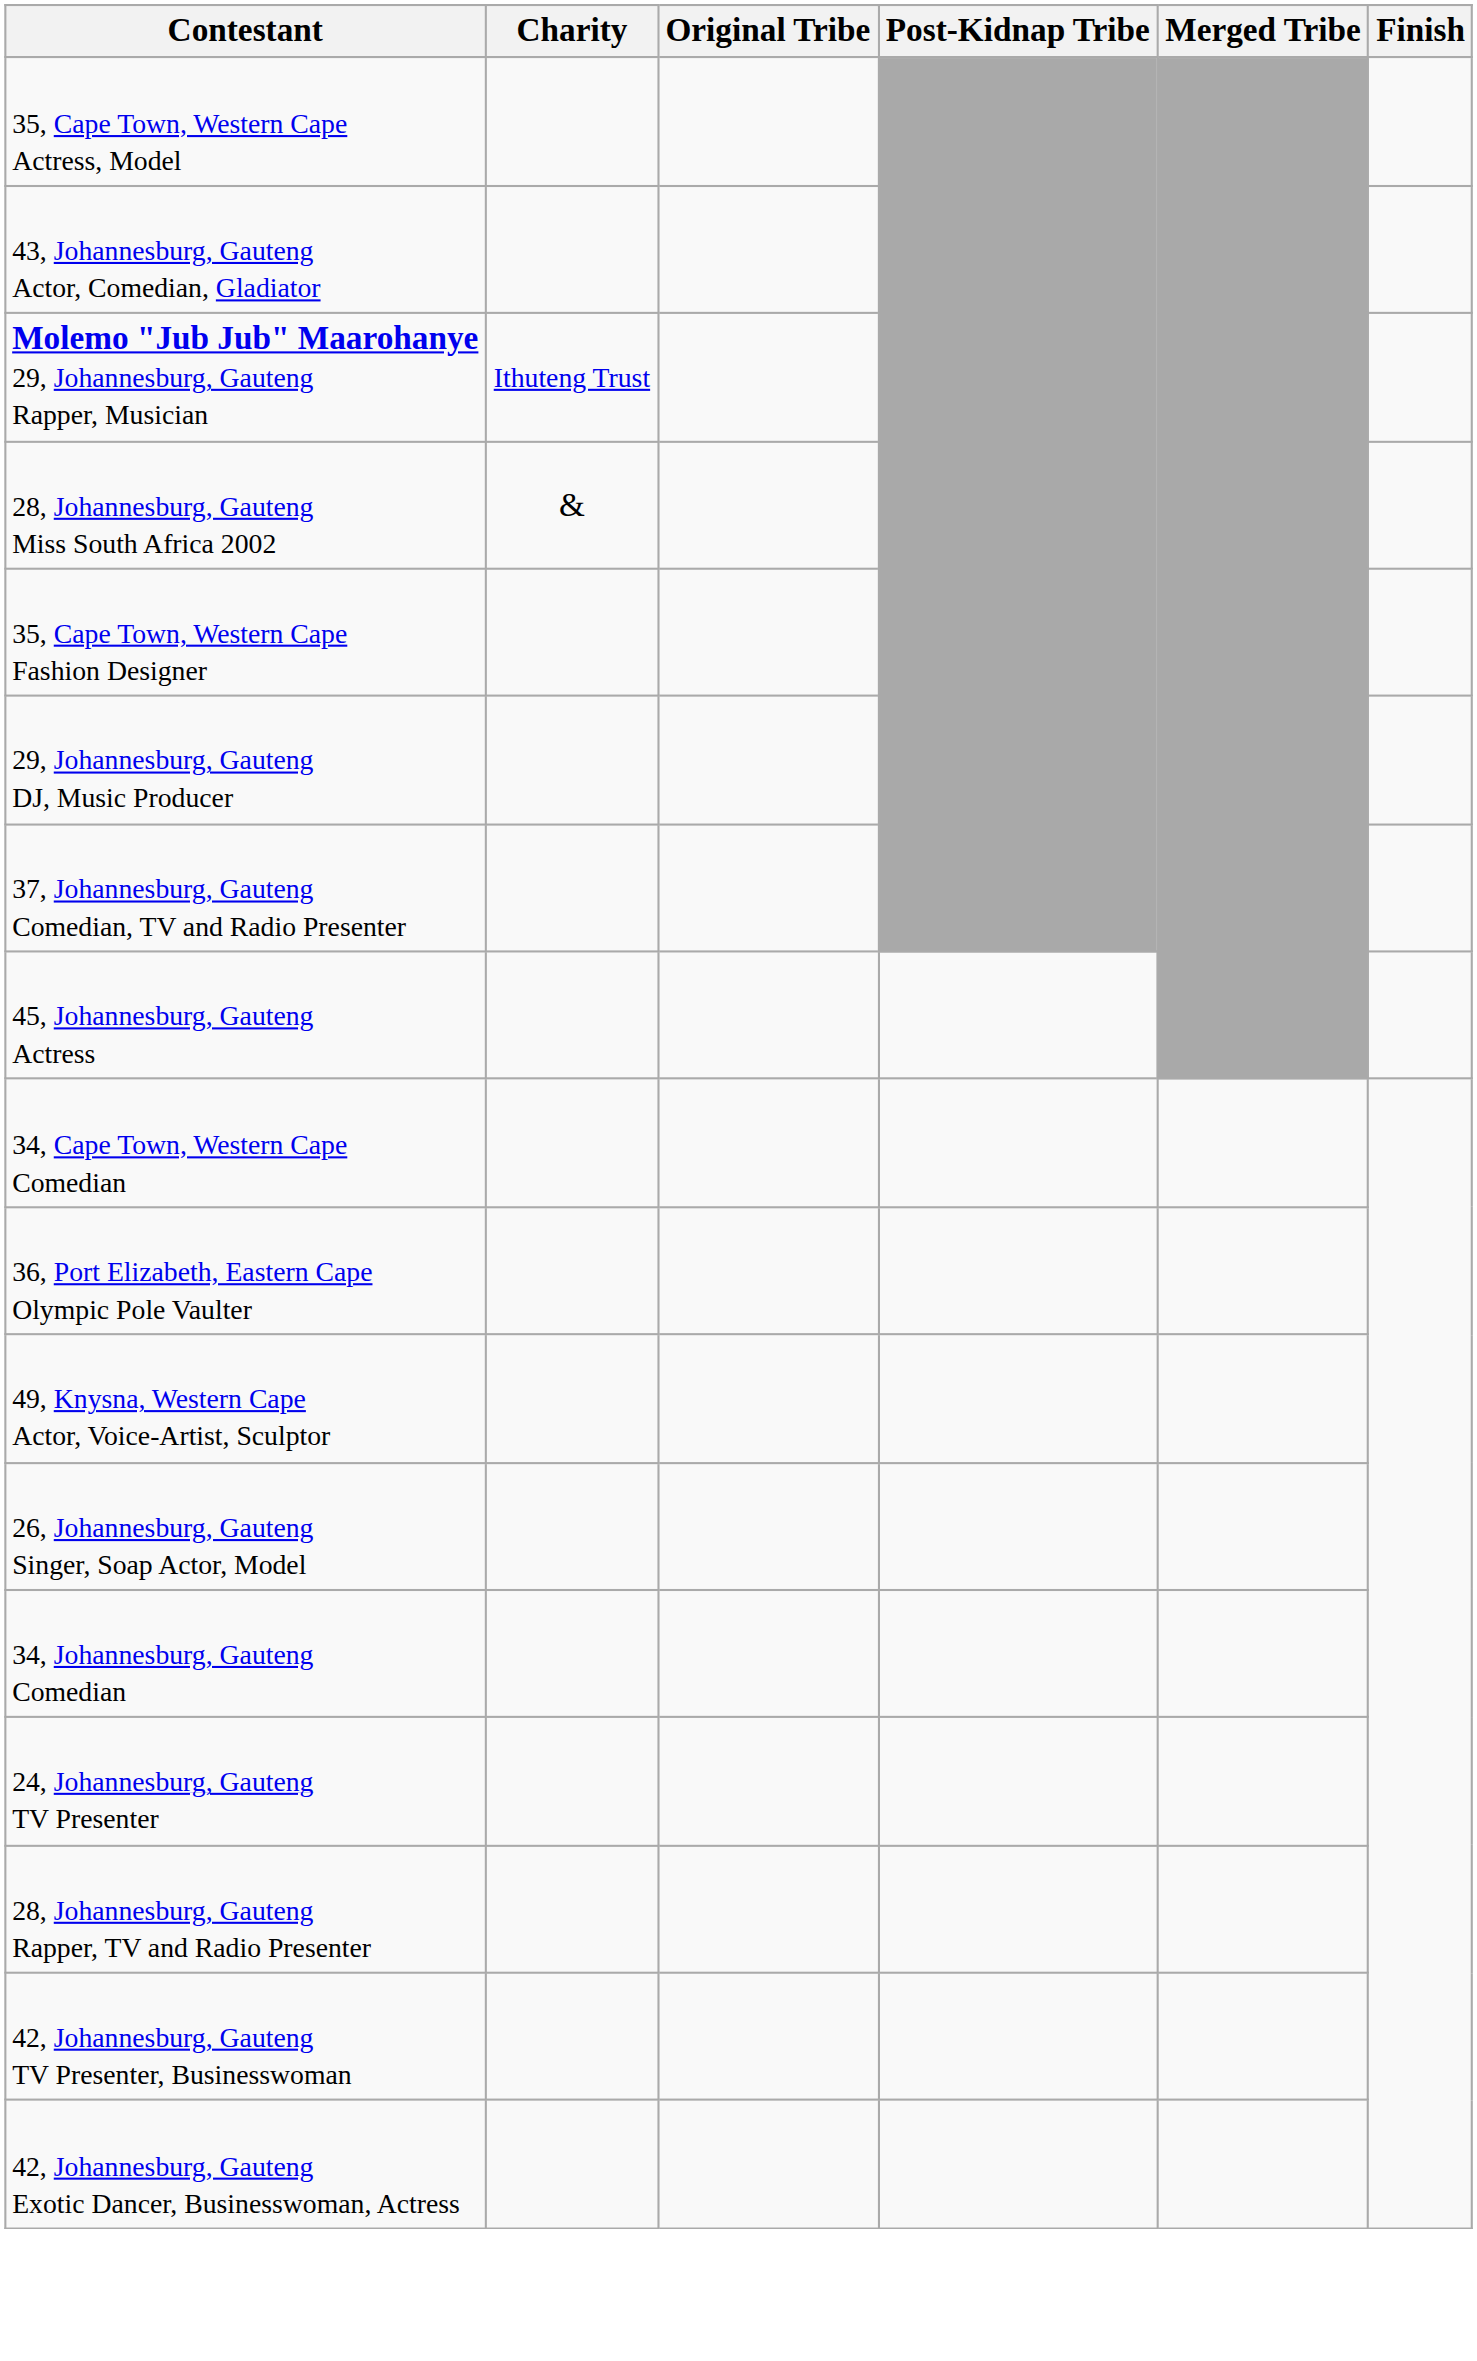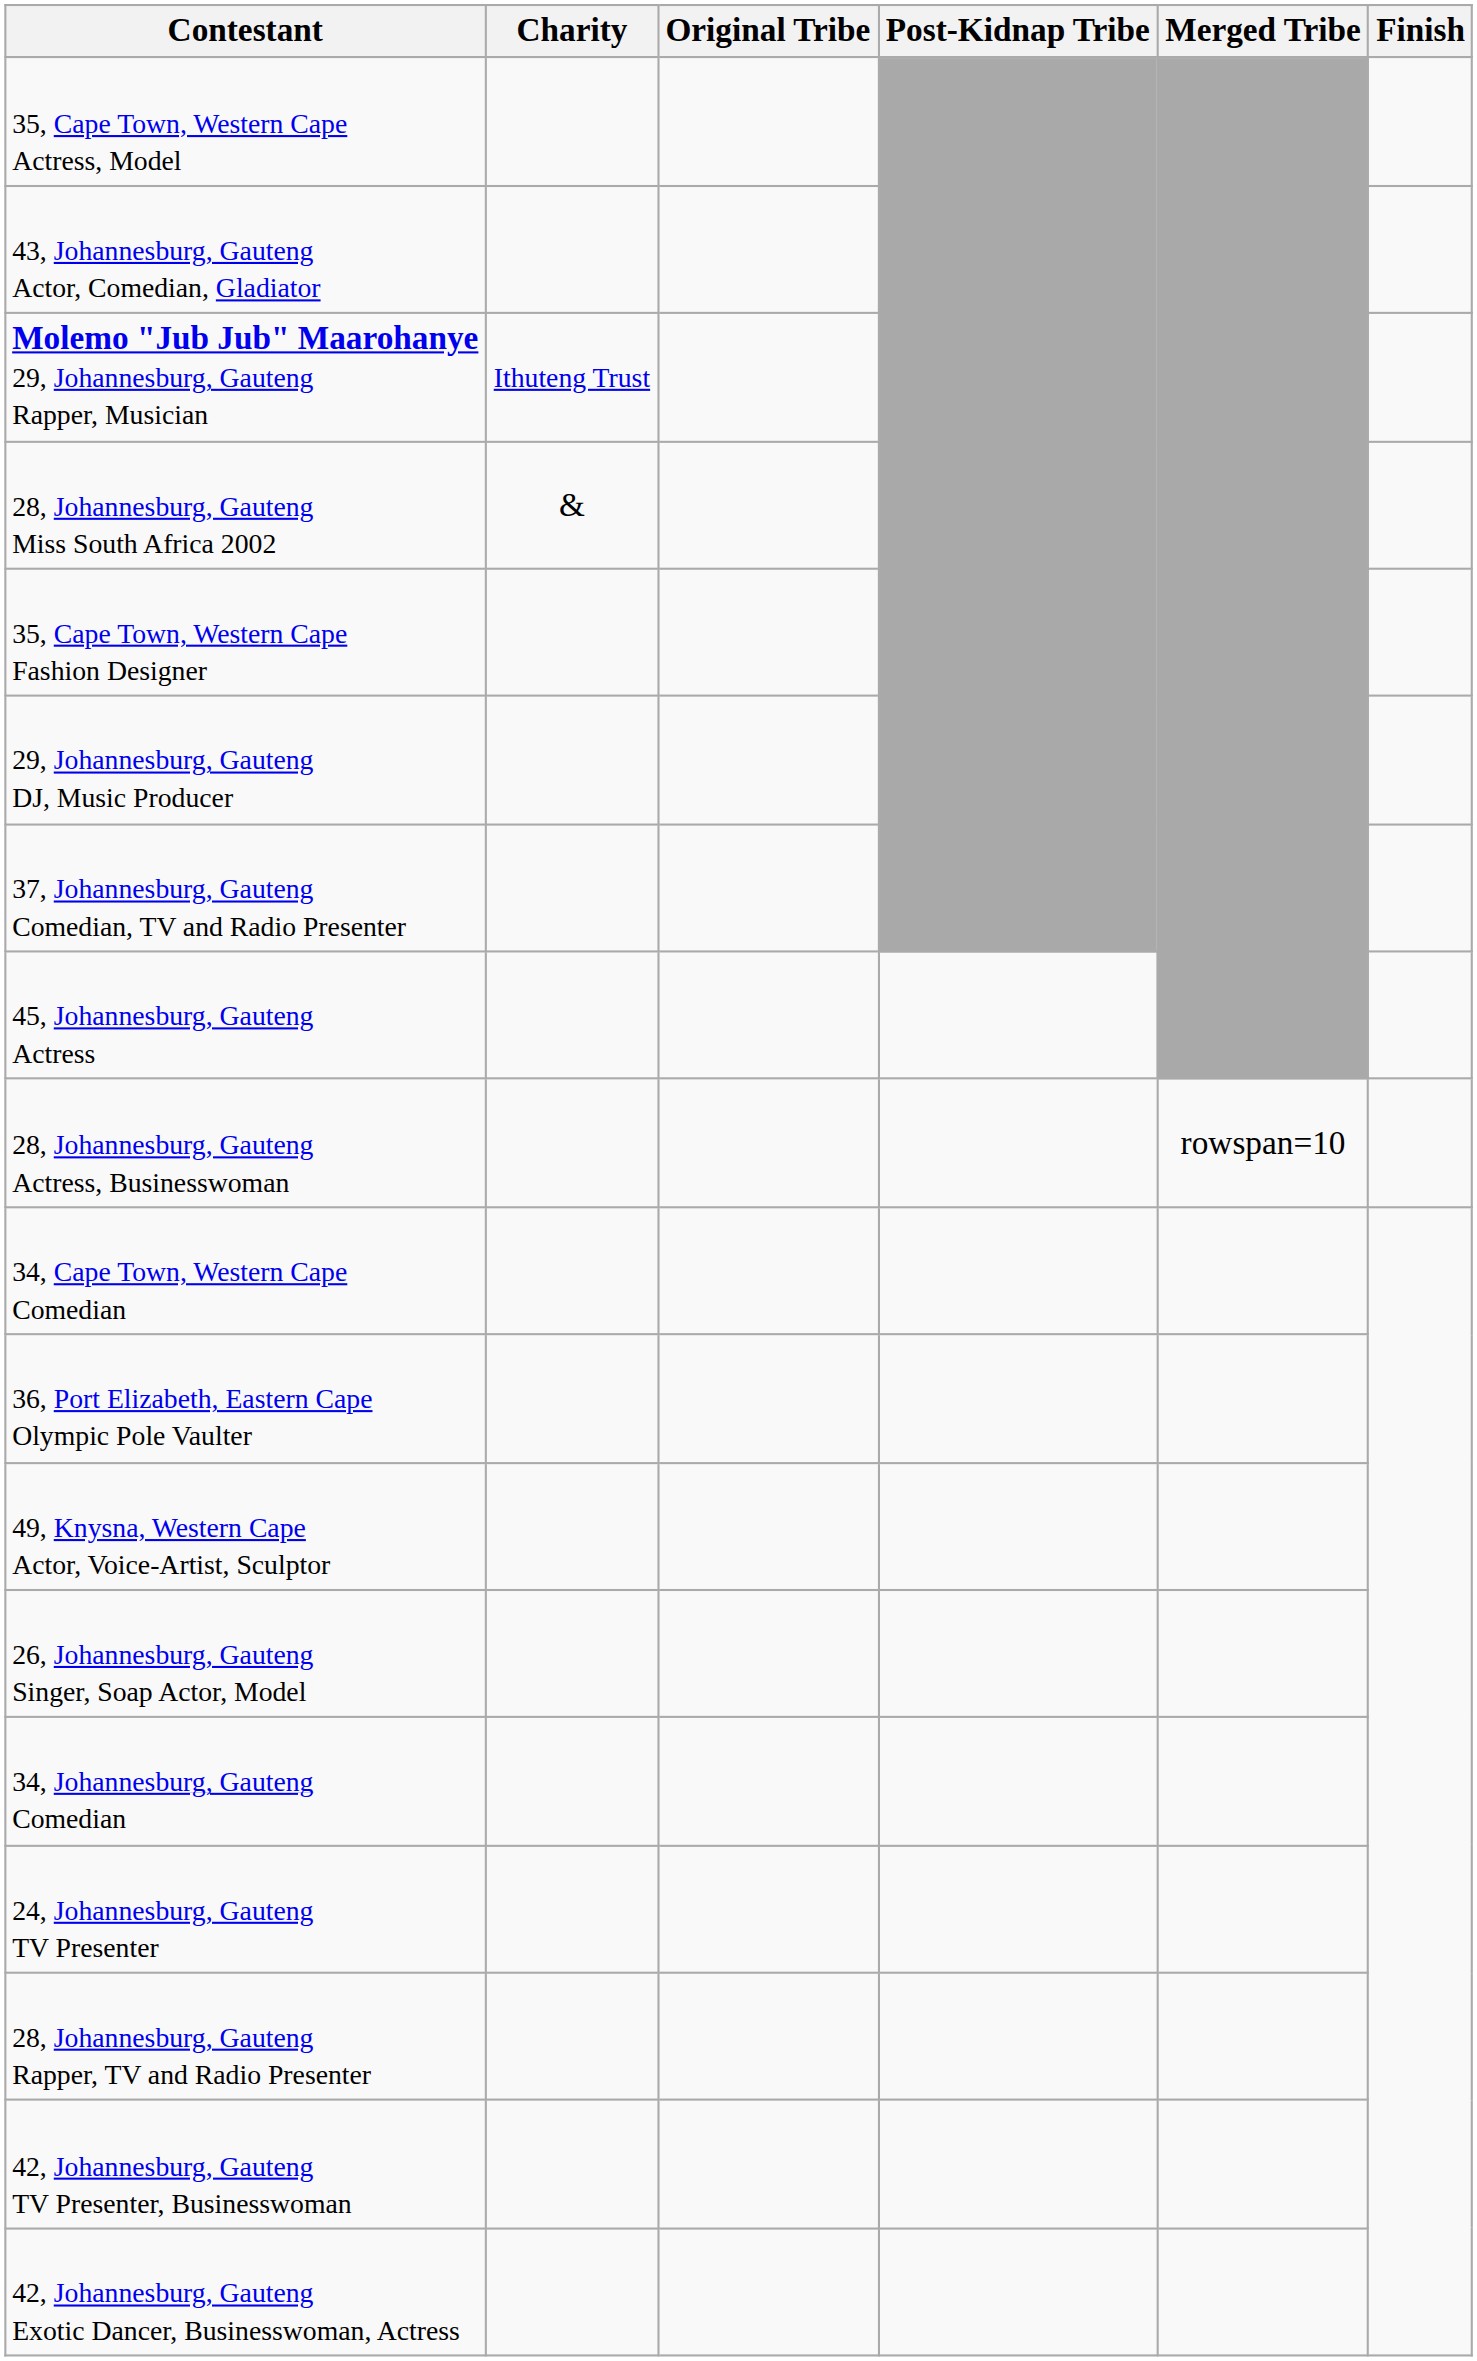 <table class="wikitable sortable" style="margin:auto; text-align:center">
 <tr>
 <th>Contestant</th>
 <th>Charity</th>
 <th>Original Tribe</th>
 <th>Post-Kidnap Tribe</th>
 <th>Merged Tribe</th>
 <th>Finish</th>
 </tr>
 <tr>
 <td align="left"><strong></strong><br><small>35, <a href='#'>Cape Town, Western Cape</a><br>Actress, Model</small></td>
 <td><small></small></td>
 <td></td>
 <td rowspan="7" bgcolor=darkgray></td>
 <td rowspan="8" bgcolor=darkgray></td>
 <td></td>
 </tr>
 <tr>
 <td align="left"><strong></strong><br><small>43, <a href='#'>Johannesburg, Gauteng</a><br>Actor, Comedian, <a href='#'>Gladiator</a></small></td>
 <td><small></small></td>
 <td></td>
 <td></td>
 </tr>
 <tr>
 <td align="left"><strong><a href='#'>Molemo "Jub Jub" Maarohanye</a></strong><br><small>29, <a href='#'>Johannesburg, Gauteng</a><br>Rapper, Musician</small></td>
 <td><small><a href='#'>Ithuteng Trust</a></small></td>
 <td></td>
 <td></td>
 </tr>
 <tr>
 <td align="left"><strong></strong><br><small>28, <a href='#'>Johannesburg, Gauteng</a><br>Miss South Africa 2002</small></td>
 <td><small></small> & <small></small></td>
 <td></td>
 <td></td>
 </tr>
 <tr>
 <td align="left"><strong></strong><br><small>35, <a href='#'>Cape Town, Western Cape</a><br>Fashion Designer</small></td>
 <td><small></small></td>
 <td></td>
 <td></td>
 </tr>
 <tr>
 <td align="left"><strong></strong><br><small>29, <a href='#'>Johannesburg, Gauteng</a><br>DJ, Music Producer</small></td>
 <td><small></small></td>
 <td></td>
 <td></td>
 </tr>
 <tr>
 <td align="left"><strong></strong><br><small>37, <a href='#'>Johannesburg, Gauteng</a><br>Comedian, TV and Radio Presenter</small></td>
 <td><small></small></td>
 <td></td>
 <td></td>
 </tr>
 <tr>
 <td align="left"><strong></strong><br><small>45, <a href='#'>Johannesburg, Gauteng</a><br>Actress</small></td>
 <td><small></small></td>
 <td></td>
 <td></td>
+<td></td>
+</tr>
+<tr>
+<td align="left"><strong></strong><br><small>28, <a href='#'>Johannesburg, Gauteng</a><br>Actress, Businesswoman</small></td>
+<td><small></small></td>
+<td></td>
+<td></td>
+<td>rowspan=10 </td>
 <td></td>
 </tr>
 <tr>
 <td align="left"><strong></strong><br><small>34, <a href='#'>Cape Town, Western Cape</a><br>Comedian</small></td>
 <td><small></small></td>
 <td></td>
 <td></td>
 <td></td>
 </tr>
 <tr>
 <td align="left"><strong></strong><br><small>36, <a href='#'>Port Elizabeth, Eastern Cape</a><br>Olympic Pole Vaulter</small></td>
 <td><small></small></td>
 <td></td>
 <td></td>
 <td></td>
 </tr>
 <tr>
 <td align="left"><strong></strong><br><small>49, <a href='#'>Knysna, Western Cape</a><br>Actor, Voice-Artist, Sculptor</small></td>
 <td><small></small></td>
 <td></td>
 <td></td>
 <td></td>
 </tr>
 <tr>
 <td align="left"><strong></strong><br><small>26, <a href='#'>Johannesburg, Gauteng</a><br>Singer, Soap Actor, Model</small></td>
 <td><small></small></td>
 <td></td>
 <td></td>
 <td></td>
 </tr>
 <tr>
 <td align="left"><strong></strong><br><small>34, <a href='#'> Johannesburg, Gauteng</a><br>Comedian</small></td>
 <td><small></small></td>
 <td></td>
 <td></td>
 <td></td>
 </tr>
 <tr>
 <td align="left"><strong></strong><br><small>24, <a href='#'>Johannesburg, Gauteng</a><br>TV Presenter</small></td>
 <td><small></small></td>
 <td></td>
 <td></td>
 <td></td>
 </tr>
 <tr>
 <td align="left"><strong></strong><br><small>28, <a href='#'>Johannesburg, Gauteng</a><br>Rapper, TV and Radio Presenter</small></td>
 <td><small></small></td>
 <td></td>
 <td></td>
 <td></td>
 </tr>
 <tr>
 <td align="left"><strong></strong><br><small>42, <a href='#'>Johannesburg, Gauteng</a><br>TV Presenter, Businesswoman</small></td>
 <td><small></small></td>
 <td></td>
 <td></td>
 <td></td>
 </tr>
 <tr>
 <td align="left"><strong></strong><br><small>42, <a href='#'>Johannesburg, Gauteng</a><br>Exotic Dancer, Businesswoman, Actress</small></td>
 <td><small></small></td>
 <td></td>
 <td></td>
 <td></td>
 </tr>
 </table>
